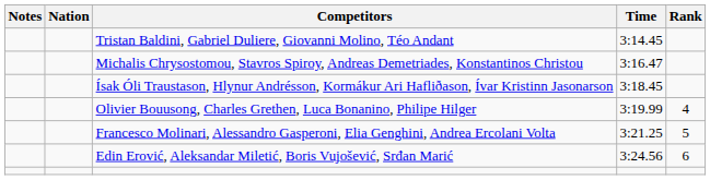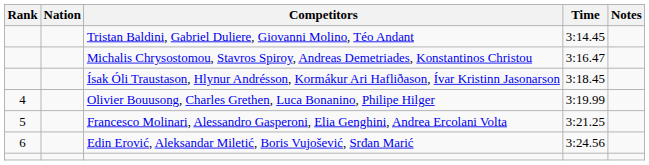 <table class="wikitable sortable" style="text-align:center; font-size:95%">
 <tr>
-<th>Notes</th>
+<th>Rank</th>
 <th>Nation</th>
 <th>Competitors</th>
 <th>Time</th>
-<th>Rank</th>
+<th>Notes</th>
 </tr>
 <tr>
 <td></td>
 <td align=left></td>
 <td align=left><a href='#'>Tristan Baldini</a>, <a href='#'>Gabriel Duliere</a>, <a href='#'>Giovanni Molino</a>, <a href='#'>Téo Andant</a></td>
 <td>3:14.45</td>
 <td></td>
 </tr>
 <tr>
 <td></td>
 <td align=left></td>
 <td align=left><a href='#'>Michalis Chrysostomou</a>, <a href='#'>Stavros Spiroy</a>, <a href='#'>Andreas Demetriades</a>, <a href='#'>Konstantinos Christou</a></td>
 <td>3:16.47</td>
 <td></td>
 </tr>
 <tr>
 <td></td>
 <td align=left></td>
 <td align=left><a href='#'>Ísak Óli Traustason</a>, <a href='#'>Hlynur Andrésson</a>, <a href='#'>Kormákur Ari Hafliðason</a>, <a href='#'>Ívar Kristinn Jasonarson</a></td>
 <td>3:18.45</td>
 <td></td>
 </tr>
 <tr>
-<td></td>
+<td>4</td>
 <td align=left></td>
 <td align=left><a href='#'>Olivier Bouusong</a>, <a href='#'>Charles Grethen</a>, <a href='#'>Luca Bonanino</a>, <a href='#'>Philipe Hilger</a></td>
 <td>3:19.99</td>
-<td>4</td>
+<td></td>
 </tr>
 <tr>
-<td></td>
+<td>5</td>
 <td align=left></td>
 <td align=left><a href='#'>Francesco Molinari</a>, <a href='#'>Alessandro Gasperoni</a>, <a href='#'>Elia Genghini</a>, <a href='#'>Andrea Ercolani Volta</a></td>
 <td>3:21.25</td>
-<td>5</td>
+<td></td>
 </tr>
 <tr>
-<td></td>
+<td>6</td>
 <td align=left></td>
 <td align=left><a href='#'>Edin Erović</a>, <a href='#'>Aleksandar Miletić</a>, <a href='#'>Boris Vujošević</a>, <a href='#'>Srđan Marić</a></td>
 <td>3:24.56</td>
-<td>6</td>
+<td></td>
 </tr>
 <tr>
 <td></td>
 <td align=left></td>
 <td align=left></td>
 <td></td>
 <td></td>
 </tr>
 </table>
